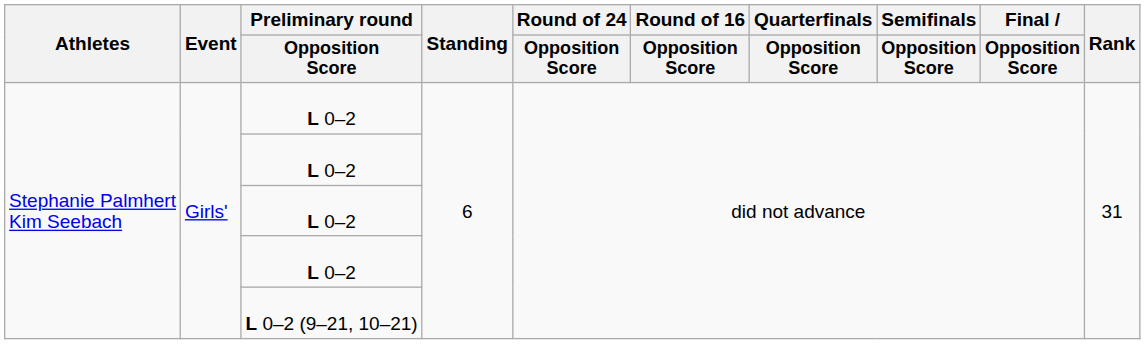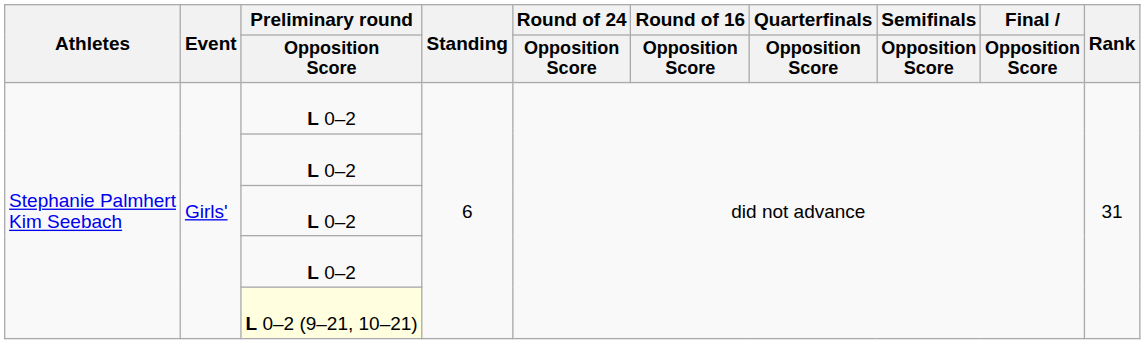 <table class=wikitable style="font-size:90%">
 <tr>
 <th rowspan="2">Athletes</th>
 <th rowspan="2">Event</th>
 <th>Preliminary round</th>
 <th rowspan="2">Standing</th>
 <th>Round of 24</th>
 <th>Round of 16</th>
 <th>Quarterfinals</th>
 <th>Semifinals</th>
 <th>Final / </th>
 <th rowspan=2>Rank</th>
 </tr>
 <tr style="font-size:95%">
 <th>Opposition<br>Score</th>
 <th>Opposition<br>Score</th>
 <th>Opposition<br>Score</th>
 <th>Opposition<br>Score</th>
 <th>Opposition<br>Score</th>
 <th>Opposition<br>Score</th>
 </tr>
 <tr align=center>
 <td align=left rowspan=5><a href='#'>Stephanie Palmhert</a><br><a href='#'>Kim Seebach</a></td>
 <td align=left rowspan=5><a href='#'>Girls'</a></td>
 <td><br><strong>L</strong> 0–2</td>
 <td rowspan=5>6</td>
 <td rowspan=5 colspan=5>did not advance</td>
 <td rowspan=5>31</td>
 </tr>
 <tr align=center>
 <td><br><strong>L</strong> 0–2</td>
 </tr>
 <tr align=center>
 <td><br><strong>L</strong> 0–2</td>
 </tr>
 <tr align=center>
 <td><br><strong>L</strong> 0–2</td>
 </tr>
 <tr align=center>
-<td><br><strong>L</strong> 0–2 (9–21, 10–21)</td>
+<td style="background: lightyellow;"><br><strong>L</strong> 0–2 (9–21, 10–21)</td>
 </tr>
 </table>
